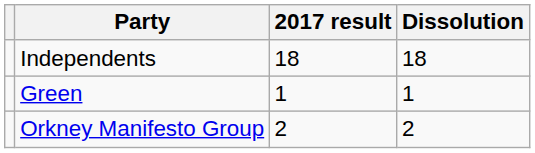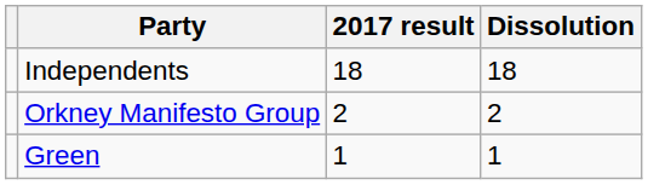 <table class="wikitable">
 <tr>
 <th></th>
 <th>Party</th>
 <th>2017 result</th>
 <th>Dissolution</th>
 </tr>
 <tr>
 <td style="background:"></td>
 <td>Independents</td>
 <td>18</td>
 <td>18</td>
 </tr>
 <tr>
 <td style="background:"></td>
+<td><a href='#'>Orkney Manifesto Group</a></td>
+<td>2</td>
+<td>2</td>
+</tr>
+<tr>
+<td style="background:"></td>
 <td><a href='#'>Green</a></td>
 <td>1</td>
 <td>1</td>
 </tr>
-<tr>
-<td style="background:"></td>
-<td><a href='#'>Orkney Manifesto Group</a></td>
-<td>2</td>
-<td>2</td>
-</tr>
 </table>
